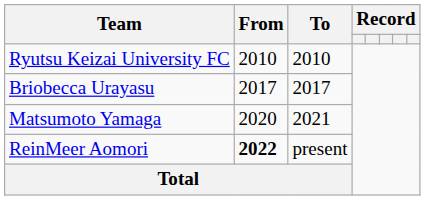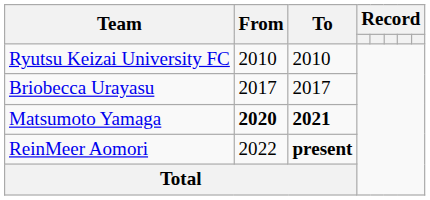 <table class=wikitable style="text-align:center">
 <tr>
 <th rowspan=2>Team</th>
 <th rowspan=2>From</th>
 <th rowspan=2>To</th>
 <th colspan=5>Record</th>
 </tr>
 <tr>
 <th></th>
 <th></th>
 <th></th>
 <th></th>
 <th></th>
 </tr>
 <tr>
 <td align=left><a href='#'>Ryutsu Keizai University FC</a></td>
 <td align=left>2010</td>
 <td align=left>2010<br></td>
 </tr>
 <tr>
 <td align=left><a href='#'>Briobecca Urayasu</a></td>
 <td align=left>2017</td>
 <td align=left>2017<br></td>
 </tr>
 <tr>
 <td align=left><a href='#'>Matsumoto Yamaga</a></td>
-<td align=left>2020</td>
-<td align=left>2021<br></td>
+<td align=left><strong>2020</strong></td>
+<td align=left><strong>2021<br></strong></td>
 </tr>
 <tr>
 <td align=left><a href='#'>ReinMeer Aomori</a></td>
-<td align=left><strong>2022</strong></td>
-<td align=left>present<br></td>
+<td align=left>2022</td>
+<td align=left><strong>present<br></strong></td>
 </tr>
 <tr>
 <th colspan=3>Total<br></th>
 </tr>
 </table>
